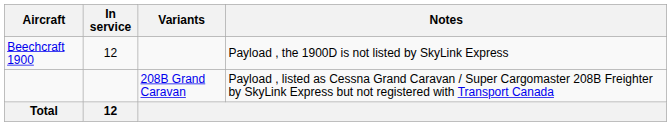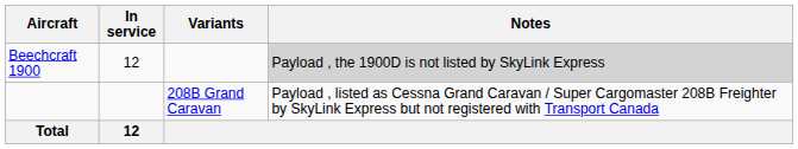 <table class="wikitable" style="margin:1em auto; border-collapse:collapse;text-align:left">
 <tr>
 <th>Aircraft</th>
 <th>In service</th>
 <th>Variants</th>
 <th>Notes</th>
 </tr>
 <tr>
 <td><a href='#'>Beechcraft 1900</a></td>
 <td align=center>12</td>
 <td></td>
-<td>Payload , the 1900D is not listed by SkyLink Express</td>
+<td style="background: lightgrey;">Payload , the 1900D is not listed by SkyLink Express</td>
 </tr>
 <tr>
 <td></td>
 <td align=center></td>
 <td><a href='#'>208B Grand Caravan</a></td>
 <td>Payload , listed as Cessna Grand Caravan / Super Cargomaster 208B Freighter by SkyLink Express but not registered with <a href='#'>Transport Canada</a></td>
 </tr>
 <tr>
 <th>Total</th>
 <th align=center>12</th>
 <th colspan="2"></th>
 </tr>
 </table>
